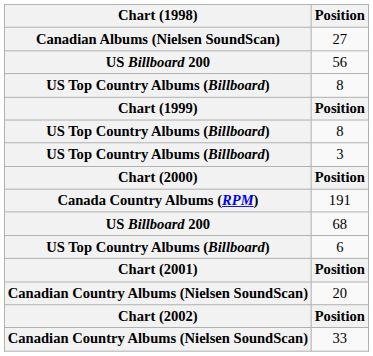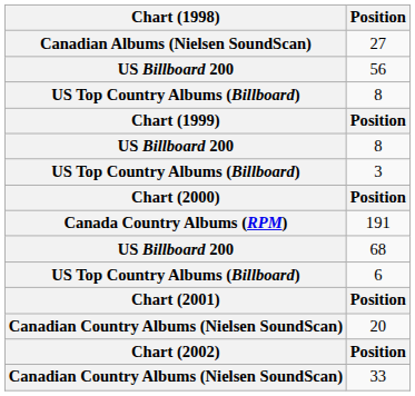 <table class="wikitable plainrowheaders" style="text-align:center">
 <tr>
 <th scope="col">Chart (1998)</th>
 <th scope="col">Position</th>
 </tr>
 <tr>
 <th scope="row">Canadian Albums (Nielsen SoundScan)</th>
 <td>27</td>
 </tr>
 <tr>
 <th scope="row">US <em>Billboard</em> 200</th>
 <td>56</td>
 </tr>
 <tr>
 <th scope="row">US Top Country Albums (<em>Billboard</em>)</th>
 <td>8</td>
 </tr>
 <tr>
 <th scope="col">Chart (1999)</th>
 <th scope="col">Position</th>
 </tr>
 <tr>
-<th scope="row">US Top Country Albums (<em>Billboard</em>)</th>
+<th scope="row">US <em>Billboard</em> 200</th>
 <td>8</td>
 </tr>
 <tr>
 <th scope="row">US Top Country Albums (<em>Billboard</em>)</th>
 <td>3</td>
 </tr>
 <tr>
 <th scope="col">Chart (2000)</th>
 <th scope="col">Position</th>
 </tr>
 <tr>
 <th scope="row">Canada Country Albums (<em><a href='#'>RPM</a></em>)</th>
 <td>191</td>
 </tr>
 <tr>
 <th scope="row">US <em>Billboard</em> 200</th>
 <td>68</td>
 </tr>
 <tr>
 <th scope="row">US Top Country Albums (<em>Billboard</em>)</th>
 <td>6</td>
 </tr>
 <tr>
 <th scope="col">Chart (2001)</th>
 <th scope="col">Position</th>
 </tr>
 <tr>
 <th scope="row">Canadian Country Albums (Nielsen SoundScan)</th>
 <td>20</td>
 </tr>
 <tr>
 <th scope="col">Chart (2002)</th>
 <th scope="col">Position</th>
 </tr>
 <tr>
 <th scope="row">Canadian Country Albums (Nielsen SoundScan)</th>
 <td>33</td>
 </tr>
 </table>
